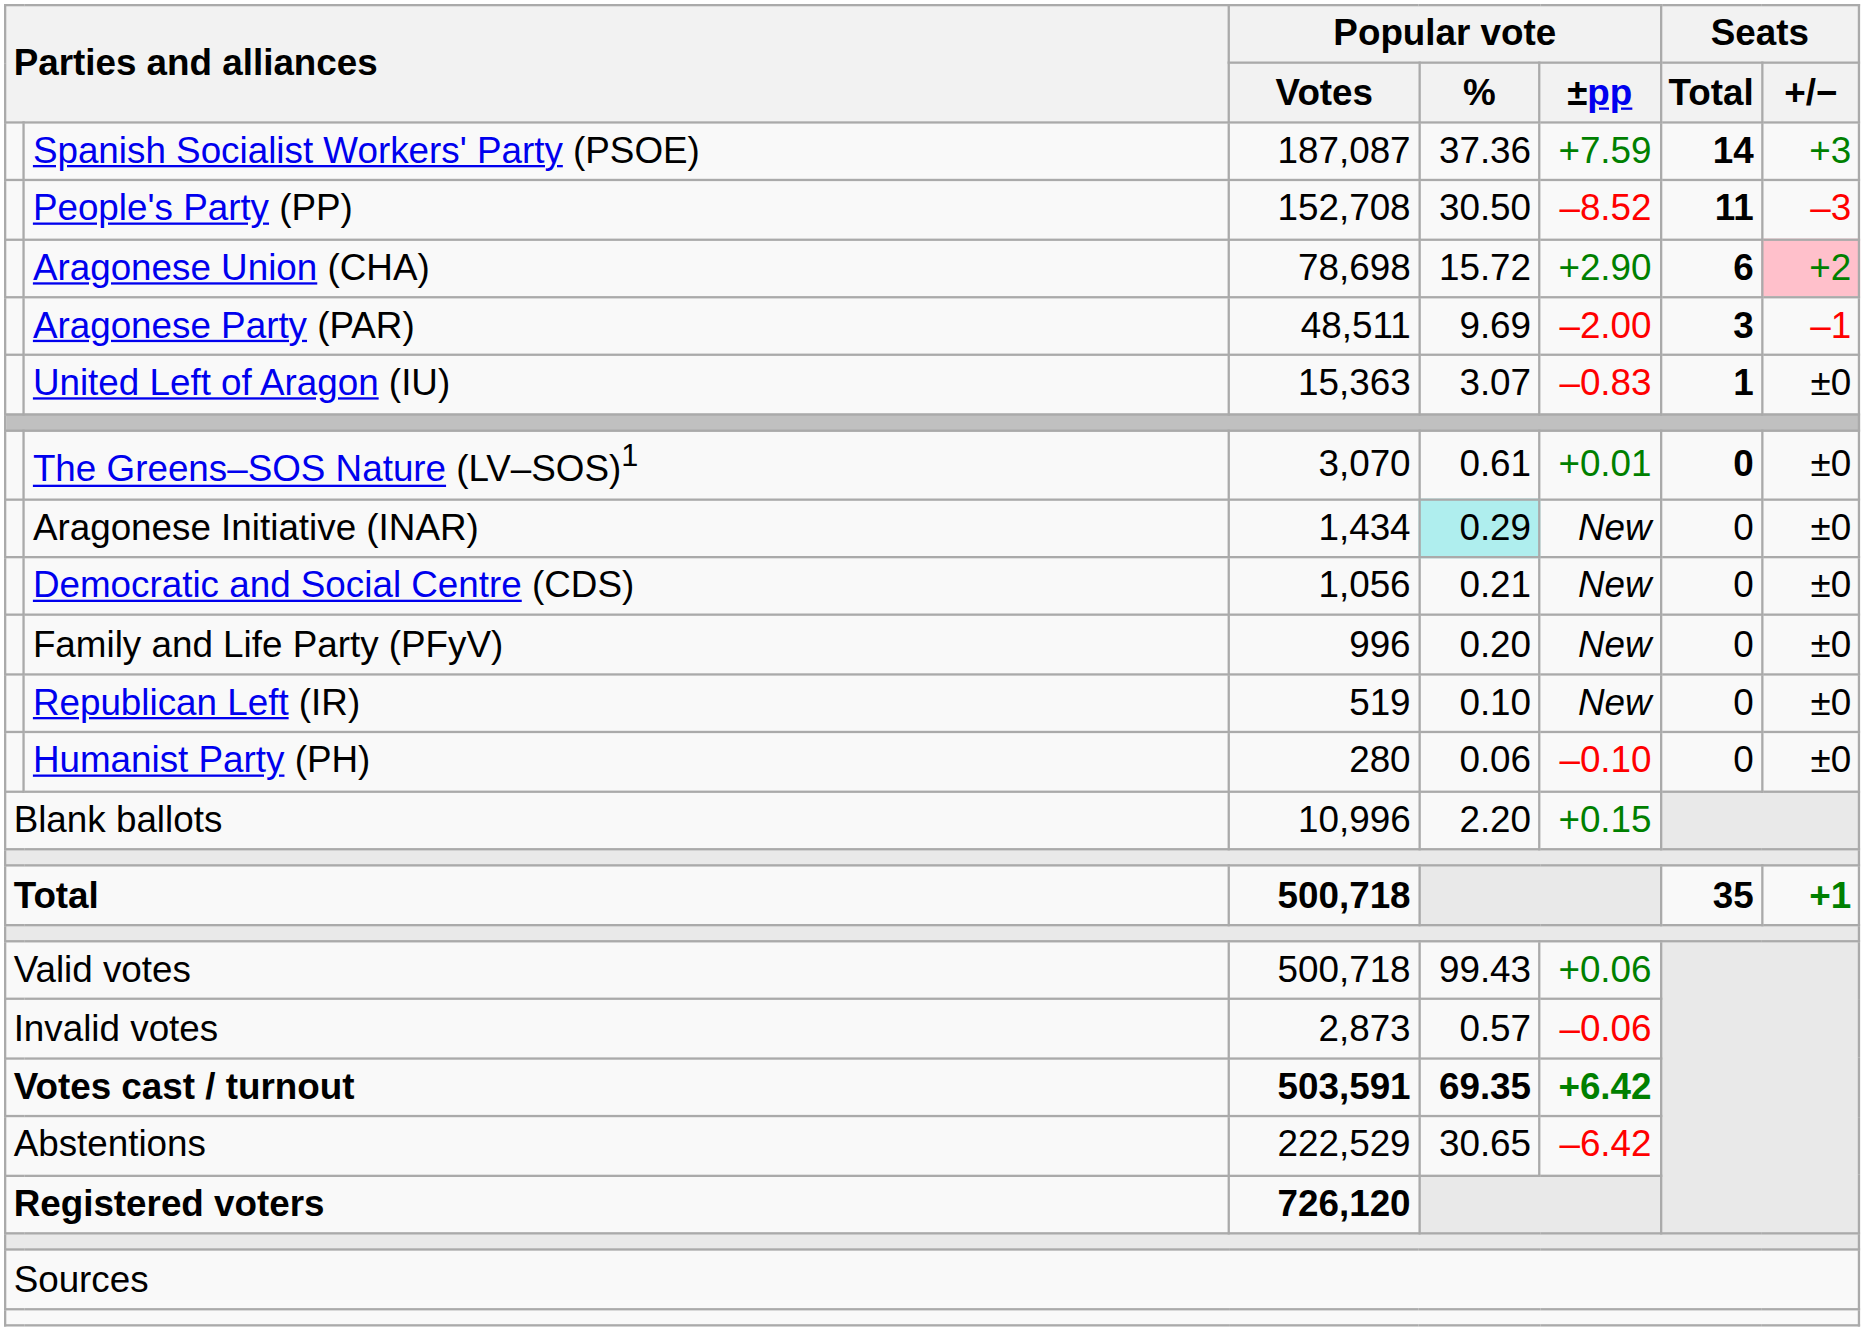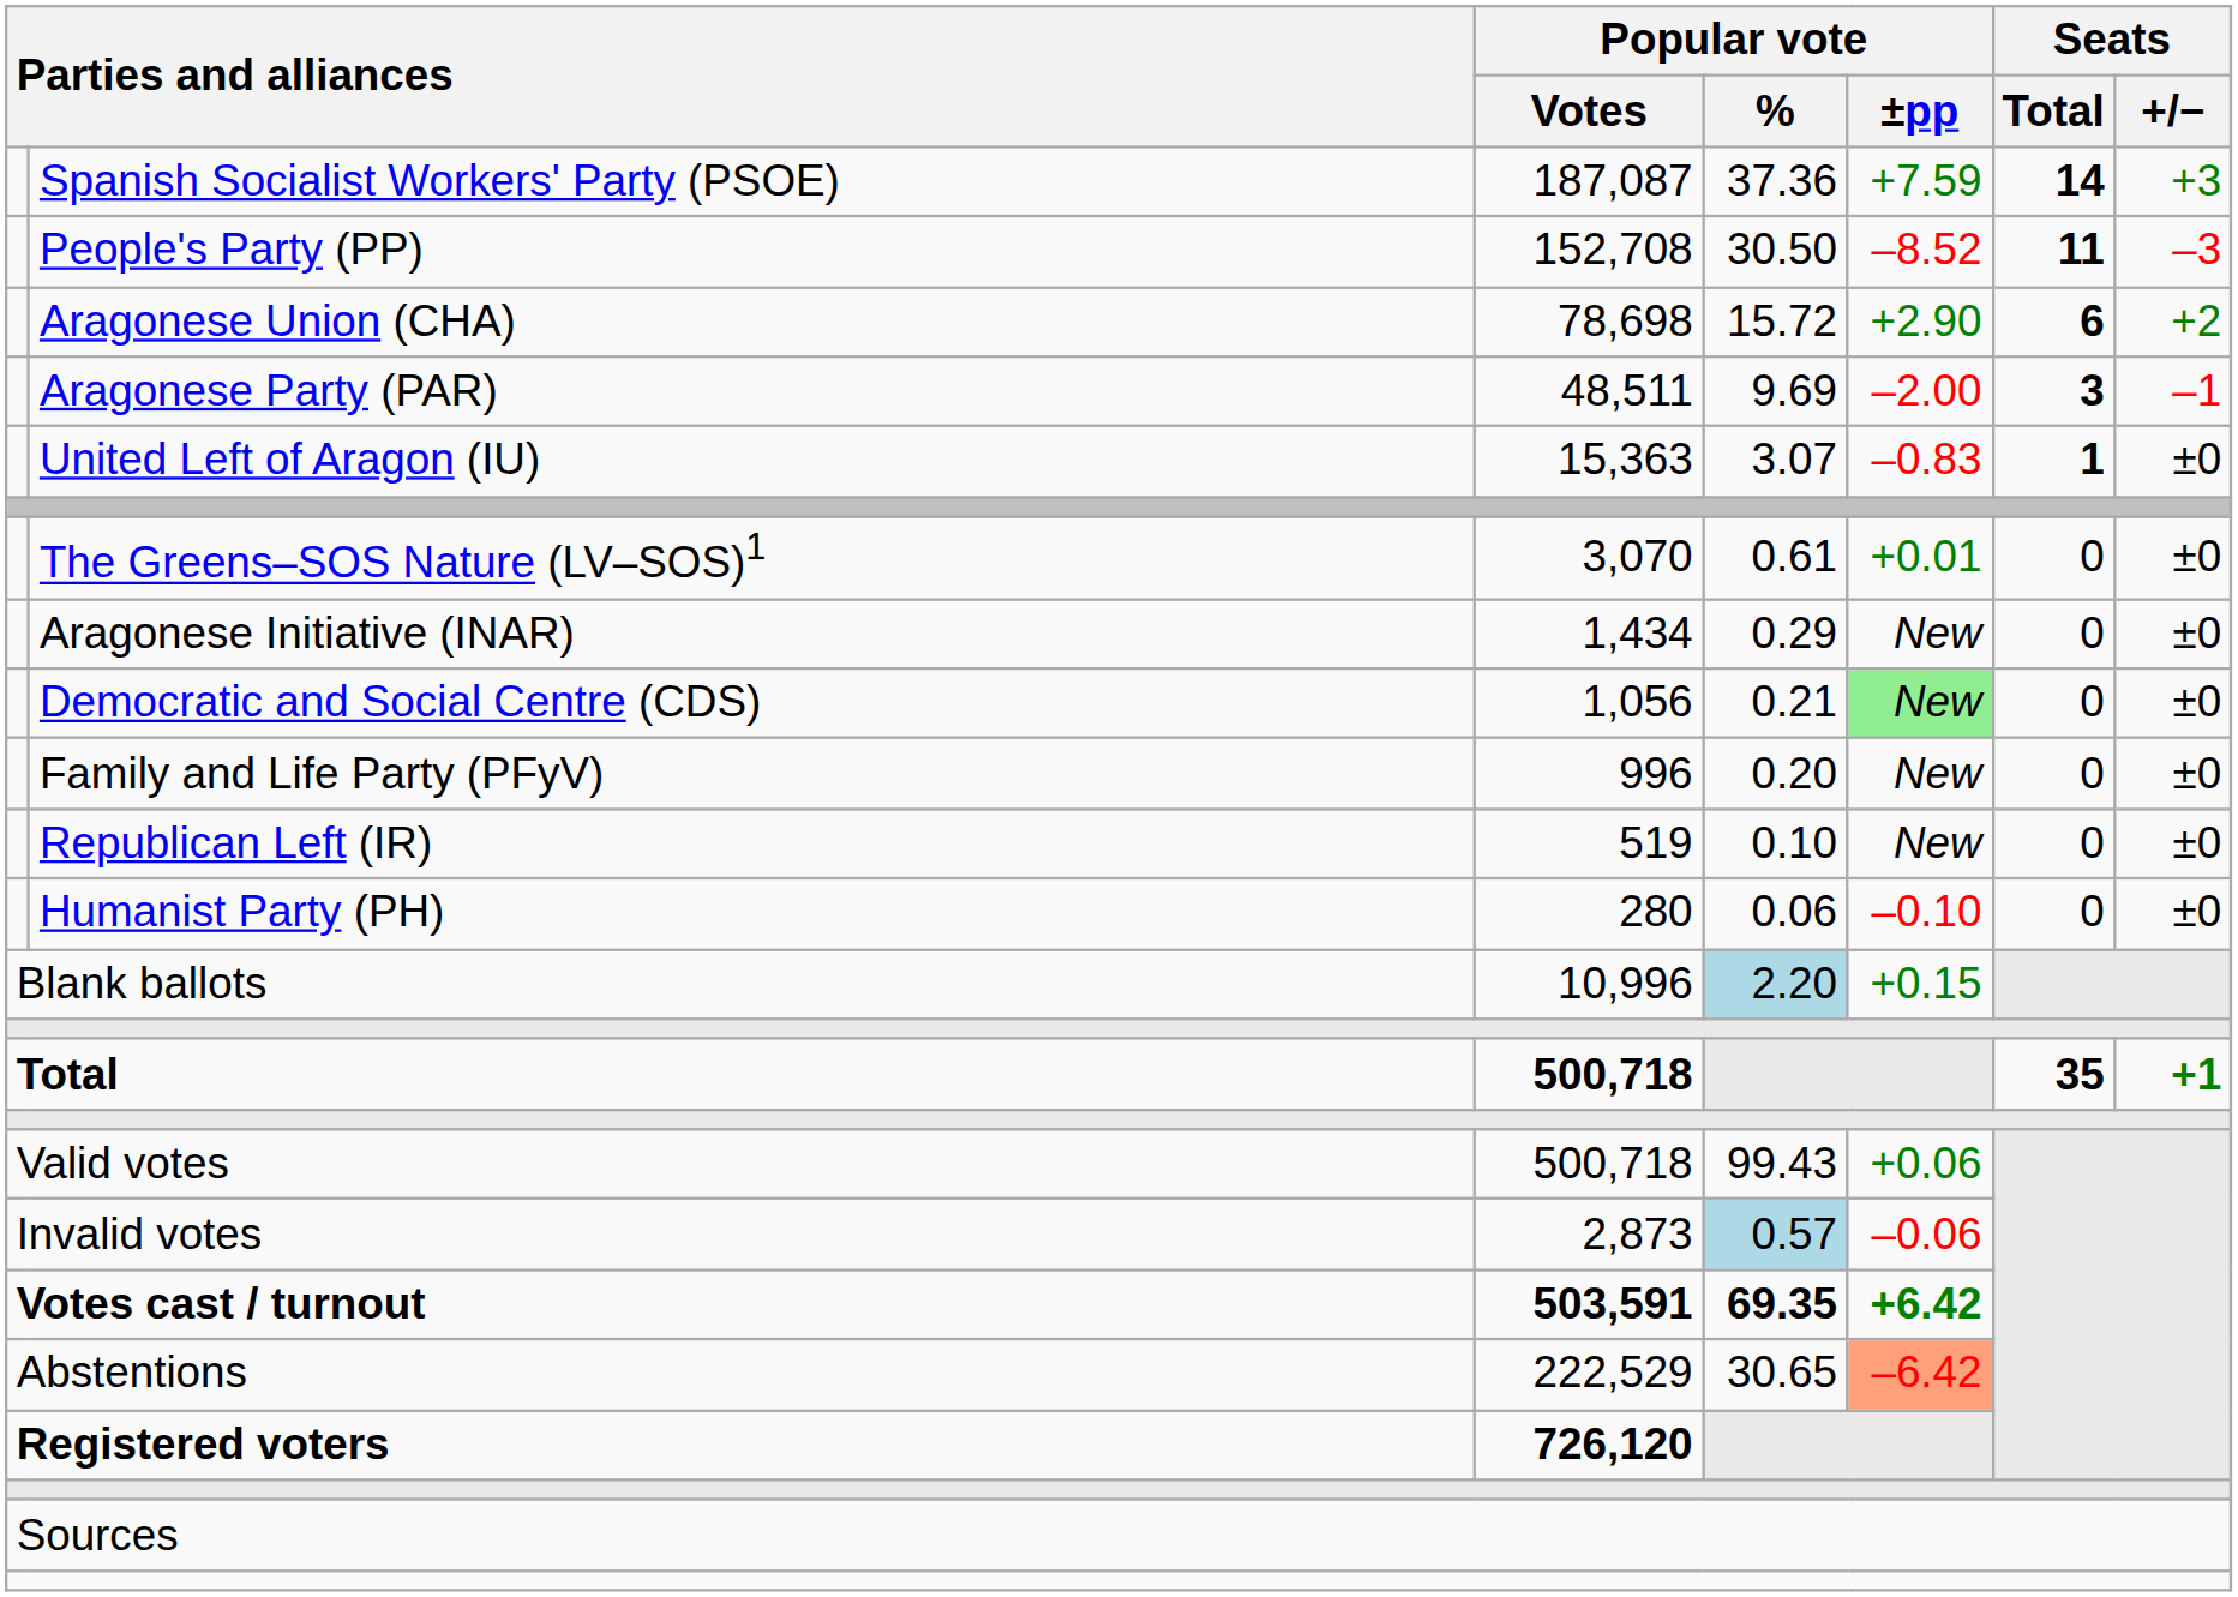 <table class="wikitable" style="text-align:right;">
 <tr>
 <th style="text-align:left;" rowspan="2" colspan="2" width="525">Parties and alliances</th>
 <th colspan="3">Popular vote</th>
 <th colspan="2">Seats</th>
 </tr>
 <tr>
 <th width="75">Votes</th>
 <th width="45">%</th>
 <th width="45">±<a href='#'>pp</a></th>
 <th width="35">Total</th>
 <th width="35">+/−</th>
 </tr>
 <tr>
 <td width="1" style="color:inherit;background:"></td>
 <td align="left"><a href='#'>Spanish Socialist Workers' Party</a> (PSOE)</td>
 <td>187,087</td>
 <td>37.36</td>
 <td style="color:green;">+7.59</td>
 <td><strong>14</strong></td>
 <td style="color:green;">+3</td>
 </tr>
 <tr>
 <td style="color:inherit;background:"></td>
 <td align="left"><a href='#'>People's Party</a> (PP)</td>
 <td>152,708</td>
 <td>30.50</td>
 <td style="color:red;">–8.52</td>
 <td><strong>11</strong></td>
 <td style="color:red;">–3</td>
 </tr>
 <tr>
 <td style="color:inherit;background:"></td>
 <td align="left"><a href='#'>Aragonese Union</a> (CHA)</td>
 <td>78,698</td>
 <td>15.72</td>
 <td style="color:green;">+2.90</td>
 <td><strong>6</strong></td>
-<td style="background: pink; color:green;">+2</td>
+<td style="color:green;">+2</td>
 </tr>
 <tr>
 <td style="color:inherit;background:"></td>
 <td align="left"><a href='#'>Aragonese Party</a> (PAR)</td>
 <td>48,511</td>
 <td>9.69</td>
 <td style="color:red;">–2.00</td>
 <td><strong>3</strong></td>
 <td style="color:red;">–1</td>
 </tr>
 <tr>
 <td style="color:inherit;background:"></td>
 <td align="left"><a href='#'>United Left of Aragon</a> (IU)</td>
 <td>15,363</td>
 <td>3.07</td>
 <td style="color:red;">–0.83</td>
 <td><strong>1</strong></td>
 <td>±0</td>
 </tr>
 <tr>
 <td colspan="7" bgcolor="#C0C0C0"></td>
 </tr>
 <tr>
 <td style="color:inherit;background:"></td>
 <td align="left"><a href='#'>The Greens–SOS Nature</a> (LV–SOS)<sup>1</sup></td>
 <td>3,070</td>
 <td>0.61</td>
 <td style="color:green;">+0.01</td>
-<td><strong>0</strong></td>
+<td>0</td>
 <td>±0</td>
 </tr>
 <tr>
 <td style="color:inherit;background:"></td>
 <td align="left">Aragonese Initiative (INAR)</td>
 <td>1,434</td>
-<td style="background: paleturquoise;">0.29</td>
+<td>0.29</td>
 <td><em>New</em></td>
 <td>0</td>
 <td>±0</td>
 </tr>
 <tr>
 <td style="color:inherit;background:"></td>
 <td align="left"><a href='#'>Democratic and Social Centre</a> (CDS)</td>
 <td>1,056</td>
 <td>0.21</td>
-<td><em>New</em></td>
+<td style="background: lightgreen;"><em>New</em></td>
 <td>0</td>
 <td>±0</td>
 </tr>
 <tr>
 <td style="color:inherit;background:"></td>
 <td align="left">Family and Life Party (PFyV)</td>
 <td>996</td>
 <td>0.20</td>
 <td><em>New</em></td>
 <td>0</td>
 <td>±0</td>
 </tr>
 <tr>
 <td style="color:inherit;background:"></td>
 <td align="left"><a href='#'>Republican Left</a> (IR)</td>
 <td>519</td>
 <td>0.10</td>
 <td><em>New</em></td>
 <td>0</td>
 <td>±0</td>
 </tr>
 <tr>
 <td style="color:inherit;background:"></td>
 <td align="left"><a href='#'>Humanist Party</a> (PH)</td>
 <td>280</td>
 <td>0.06</td>
 <td style="color:red;">–0.10</td>
 <td>0</td>
 <td>±0</td>
 </tr>
 <tr>
 <td align="left" colspan="2">Blank ballots</td>
 <td>10,996</td>
-<td>2.20</td>
+<td style="background: lightblue;">2.20</td>
 <td style="color:green;">+0.15</td>
 <td bgcolor="#E9E9E9" colspan="2"></td>
 </tr>
 <tr>
 <td colspan="7" bgcolor="#E9E9E9"></td>
 </tr>
 <tr style="font-weight:bold;">
 <td align="left" colspan="2">Total</td>
 <td>500,718</td>
 <td bgcolor="#E9E9E9" colspan="2"></td>
 <td>35</td>
 <td style="color:green;">+1</td>
 </tr>
 <tr>
 <td colspan="7" bgcolor="#E9E9E9"></td>
 </tr>
 <tr>
 <td align="left" colspan="2">Valid votes</td>
 <td>500,718</td>
 <td>99.43</td>
 <td style="color:green;">+0.06</td>
 <td bgcolor="#E9E9E9" colspan="2" rowspan="5"></td>
 </tr>
 <tr>
 <td align="left" colspan="2">Invalid votes</td>
 <td>2,873</td>
-<td>0.57</td>
+<td style="background: lightblue;">0.57</td>
 <td style="color:red;">–0.06</td>
 </tr>
 <tr style="font-weight:bold;">
 <td align="left" colspan="2">Votes cast / turnout</td>
 <td>503,591</td>
 <td>69.35</td>
 <td style="color:green;">+6.42</td>
 </tr>
 <tr>
 <td align="left" colspan="2">Abstentions</td>
 <td>222,529</td>
 <td>30.65</td>
-<td style="color:red;">–6.42</td>
+<td style="background: lightsalmon; color:red;">–6.42</td>
 </tr>
 <tr style="font-weight:bold;">
 <td align="left" colspan="2">Registered voters</td>
 <td>726,120</td>
 <td bgcolor="#E9E9E9" colspan="2"></td>
 </tr>
 <tr>
 <td colspan="7" bgcolor="#E9E9E9"></td>
 </tr>
 <tr>
 <td align="left" colspan="7">Sources</td>
 </tr>
 <tr>
 <td colspan="7" style="text-align:left; max-width:790px;"></td>
 </tr>
 </table>
